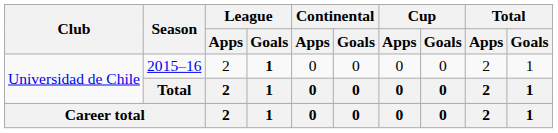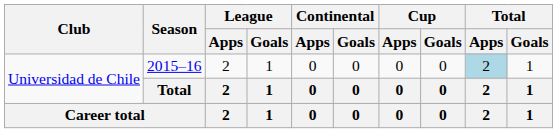 <table class="wikitable" style="text-align: center;">
 <tr>
 <th rowspan="2">Club</th>
 <th rowspan="2">Season</th>
 <th colspan="2">League</th>
 <th colspan="2">Continental</th>
 <th colspan="2">Cup</th>
 <th colspan="2">Total</th>
 </tr>
 <tr>
 <th>Apps</th>
 <th>Goals</th>
 <th>Apps</th>
 <th>Goals</th>
 <th>Apps</th>
 <th>Goals</th>
 <th>Apps</th>
 <th>Goals</th>
 </tr>
 <tr>
 <td rowspan="2"><a href='#'>Universidad de Chile</a></td>
 <td><a href='#'>2015–16</a></td>
 <td>2</td>
-<td><strong>1</strong></td>
+<td>1</td>
 <td>0</td>
 <td>0</td>
 <td>0</td>
 <td>0</td>
-<td>2</td>
+<td style="background: lightblue;">2</td>
 <td>1</td>
 </tr>
 <tr>
 <th>Total</th>
 <th>2</th>
 <th>1</th>
 <th>0</th>
 <th>0</th>
 <th>0</th>
 <th>0</th>
 <th>2</th>
 <th>1</th>
 </tr>
 <tr>
 <th colspan="2">Career total</th>
 <th>2</th>
 <th>1</th>
 <th>0</th>
 <th>0</th>
 <th>0</th>
 <th>0</th>
 <th>2</th>
 <th>1</th>
 </tr>
 </table>
